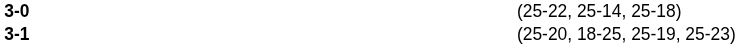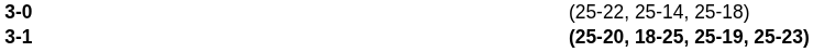 <table width=100% cellspacing=1>
 <tr>
 <th width=20%></th>
 <th width=12%></th>
 <th width=20%></th>
 <th width=33%></th>
 <td></td>
 </tr>
 <tr style=font-size:90%>
 <td align=right></td>
 <td align=center><strong>3-0</strong></td>
 <td></td>
 <td>(25-22, 25-14, 25-18)</td>
 <td></td>
 </tr>
 <tr style=font-size:90%>
 <td align=right></td>
 <td align=center><strong>3-1</strong></td>
 <td></td>
-<td>(25-20, 18-25, 25-19, 25-23)</td>
+<td><strong>(25-20, 18-25, 25-19, 25-23)</strong></td>
 </tr>
 </table>
